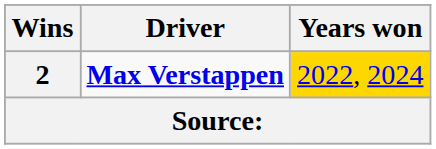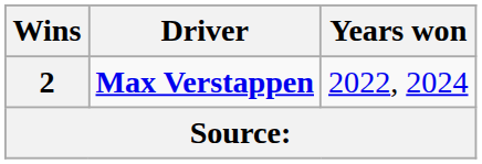 <table class="wikitable" style="font-size: 95%;">
 <tr>
 <th>Wins</th>
 <th>Driver</th>
 <th>Years won</th>
 </tr>
 <tr>
 <th>2</th>
 <td> <strong><a href='#'>Max Verstappen</a></strong></td>
-<td style="background: gold;"><a href='#'>2022</a>, <a href='#'>2024</a></td>
+<td><a href='#'>2022</a>, <a href='#'>2024</a></td>
 </tr>
 <tr>
 <th colspan=3>Source:</th>
 </tr>
 </table>
